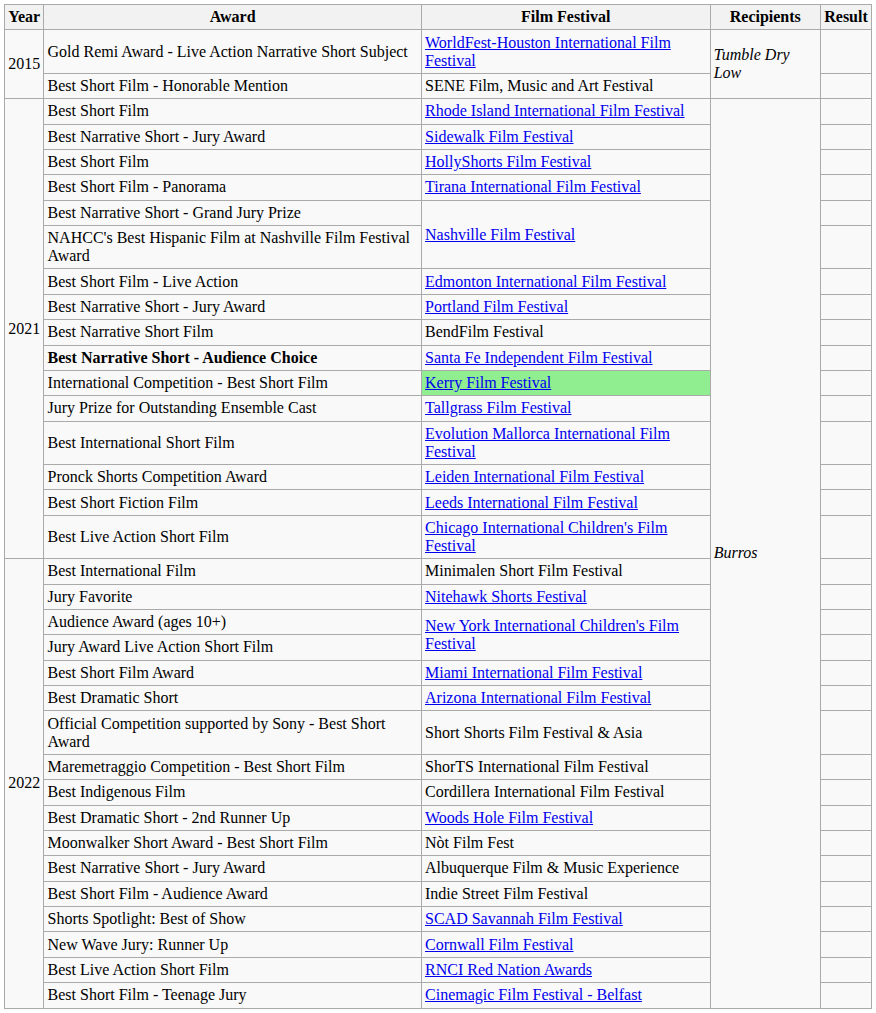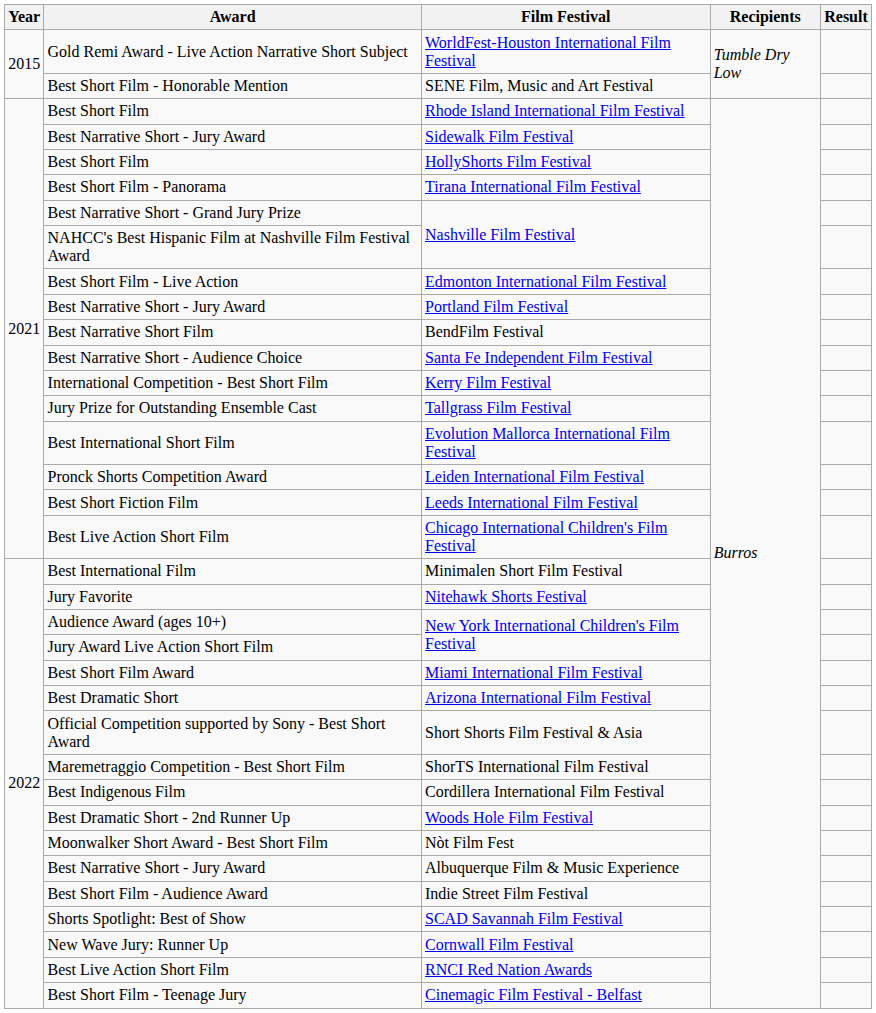 <table class="wikitable">
 <tr>
 <th>Year</th>
 <th>Award</th>
 <th>Film Festival</th>
 <th>Recipients</th>
 <th>Result</th>
 </tr>
 <tr>
 <td rowspan="2">2015</td>
 <td>Gold Remi Award - Live Action Narrative Short Subject</td>
 <td><a href='#'>WorldFest-Houston International Film Festival</a></td>
 <td rowspan="2"><em>Tumble Dry Low</em></td>
 <td></td>
 </tr>
 <tr>
 <td>Best Short Film - Honorable Mention</td>
 <td>SENE Film, Music and Art Festival</td>
 <td></td>
 </tr>
 <tr>
 <td rowspan="16">2021</td>
 <td>Best Short Film</td>
 <td><a href='#'>Rhode Island International Film Festival</a></td>
 <td rowspan="33"><em>Burros</em></td>
 <td></td>
 </tr>
 <tr>
 <td>Best Narrative Short - Jury Award</td>
 <td><a href='#'>Sidewalk Film Festival</a></td>
 <td></td>
 </tr>
 <tr>
 <td>Best Short Film</td>
 <td><a href='#'>HollyShorts Film Festival</a></td>
 <td></td>
 </tr>
 <tr>
 <td>Best Short Film - Panorama</td>
 <td><a href='#'>Tirana International Film Festival</a></td>
 <td></td>
 </tr>
 <tr>
 <td>Best Narrative Short - Grand Jury Prize</td>
 <td rowspan="2"><a href='#'>Nashville Film Festival</a></td>
 <td></td>
 </tr>
 <tr>
 <td>NAHCC's Best Hispanic Film at Nashville Film Festival Award</td>
 <td></td>
 </tr>
 <tr>
 <td>Best Short Film - Live Action</td>
 <td><a href='#'>Edmonton International Film Festival</a></td>
 <td></td>
 </tr>
 <tr>
 <td>Best Narrative Short - Jury Award</td>
 <td><a href='#'>Portland Film Festival</a></td>
 <td></td>
 </tr>
 <tr>
 <td>Best Narrative Short Film</td>
 <td>BendFilm Festival</td>
 <td></td>
 </tr>
 <tr>
-<td><strong>Best Narrative Short - Audience Choice</strong></td>
+<td>Best Narrative Short - Audience Choice</td>
 <td><a href='#'>Santa Fe Independent Film Festival</a></td>
 <td></td>
 </tr>
 <tr>
 <td>International Competition - Best Short Film</td>
-<td style="background: lightgreen;"><a href='#'>Kerry Film Festival</a></td>
+<td><a href='#'>Kerry Film Festival</a></td>
 <td></td>
 </tr>
 <tr>
 <td>Jury Prize for Outstanding Ensemble Cast</td>
 <td><a href='#'>Tallgrass Film Festival</a></td>
 <td></td>
 </tr>
 <tr>
 <td>Best International Short Film</td>
 <td><a href='#'>Evolution Mallorca International Film Festival</a></td>
 <td></td>
 </tr>
 <tr>
 <td>Pronck Shorts Competition Award</td>
 <td><a href='#'>Leiden International Film Festival</a></td>
 <td></td>
 </tr>
 <tr>
 <td>Best Short Fiction Film</td>
 <td><a href='#'>Leeds International Film Festival</a></td>
 <td></td>
 </tr>
 <tr>
 <td>Best Live Action Short Film</td>
 <td><a href='#'>Chicago International Children's Film Festival</a></td>
 <td></td>
 </tr>
 <tr>
 <td rowspan="17">2022</td>
 <td>Best International Film</td>
 <td>Minimalen Short Film Festival</td>
 <td></td>
 </tr>
 <tr>
 <td>Jury Favorite</td>
 <td><a href='#'>Nitehawk Shorts Festival</a></td>
 <td></td>
 </tr>
 <tr>
 <td>Audience Award (ages 10+)</td>
 <td rowspan="2"><a href='#'>New York International Children's Film Festival</a></td>
 <td></td>
 </tr>
 <tr>
 <td>Jury Award Live Action Short Film</td>
 <td></td>
 </tr>
 <tr>
 <td>Best Short Film Award</td>
 <td><a href='#'>Miami International Film Festival</a></td>
 <td></td>
 </tr>
 <tr>
 <td>Best Dramatic Short</td>
 <td><a href='#'>Arizona International Film Festival</a></td>
 <td></td>
 </tr>
 <tr>
 <td>Official Competition supported by Sony - Best Short Award</td>
 <td>Short Shorts Film Festival & Asia</td>
 <td></td>
 </tr>
 <tr>
 <td>Maremetraggio Competition - Best Short Film</td>
 <td>ShorTS International Film Festival</td>
 <td></td>
 </tr>
 <tr>
 <td>Best Indigenous Film</td>
 <td>Cordillera International Film Festival</td>
 <td></td>
 </tr>
 <tr>
 <td>Best Dramatic Short - 2nd Runner Up</td>
 <td><a href='#'>Woods Hole Film Festival</a></td>
 <td></td>
 </tr>
 <tr>
 <td>Moonwalker Short Award - Best Short Film</td>
 <td>Nòt Film Fest</td>
 <td></td>
 </tr>
 <tr>
 <td>Best Narrative Short - Jury Award</td>
 <td>Albuquerque Film & Music Experience</td>
 <td></td>
 </tr>
 <tr>
 <td>Best Short Film - Audience Award</td>
 <td>Indie Street Film Festival</td>
 <td></td>
 </tr>
 <tr>
 <td>Shorts Spotlight: Best of Show</td>
 <td><a href='#'>SCAD Savannah Film Festival</a></td>
 <td></td>
 </tr>
 <tr>
 <td>New Wave Jury: Runner Up</td>
 <td><a href='#'>Cornwall Film Festival</a></td>
 <td></td>
 </tr>
 <tr>
 <td>Best Live Action Short Film</td>
 <td><a href='#'>RNCI Red Nation Awards</a></td>
 <td></td>
 </tr>
 <tr>
 <td>Best Short Film - Teenage Jury</td>
 <td><a href='#'>Cinemagic Film Festival - Belfast</a></td>
 <td></td>
 </tr>
 </table>
